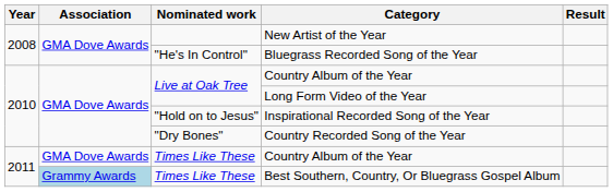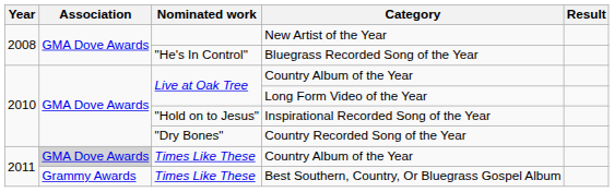 <table class="wikitable sortable">
 <tr>
 <th>Year</th>
 <th>Association</th>
 <th>Nominated work</th>
 <th>Category</th>
 <th>Result</th>
 </tr>
 <tr>
 <td rowspan=2>2008</td>
 <td rowspan=2><a href='#'>GMA Dove Awards</a></td>
 <td></td>
 <td>New Artist of the Year</td>
 <td></td>
 </tr>
 <tr>
 <td>"He's In Control"</td>
 <td>Bluegrass Recorded Song of the Year</td>
 <td></td>
 </tr>
 <tr>
 <td rowspan=4>2010</td>
 <td rowspan=4><a href='#'>GMA Dove Awards</a></td>
 <td rowspan=2><em><a href='#'>Live at Oak Tree</a></em></td>
 <td>Country Album of the Year</td>
 <td></td>
 </tr>
 <tr>
 <td>Long Form Video of the Year</td>
 <td></td>
 </tr>
 <tr>
 <td>"Hold on to Jesus"</td>
 <td>Inspirational Recorded Song of the Year</td>
 <td></td>
 </tr>
 <tr>
 <td>"Dry Bones"</td>
 <td>Country Recorded Song of the Year</td>
 <td></td>
 </tr>
 <tr>
 <td rowspan=2>2011</td>
-<td><a href='#'>GMA Dove Awards</a></td>
+<td style="background: lightgrey;"><a href='#'>GMA Dove Awards</a></td>
 <td><em><a href='#'>Times Like These</a></em></td>
 <td>Country Album of the Year</td>
 <td></td>
 </tr>
 <tr>
-<td style="background: lightblue;"><a href='#'>Grammy Awards</a></td>
+<td><a href='#'>Grammy Awards</a></td>
 <td><em><a href='#'>Times Like These</a></em></td>
 <td>Best Southern, Country, Or Bluegrass Gospel Album</td>
 <td></td>
 </tr>
 </table>
